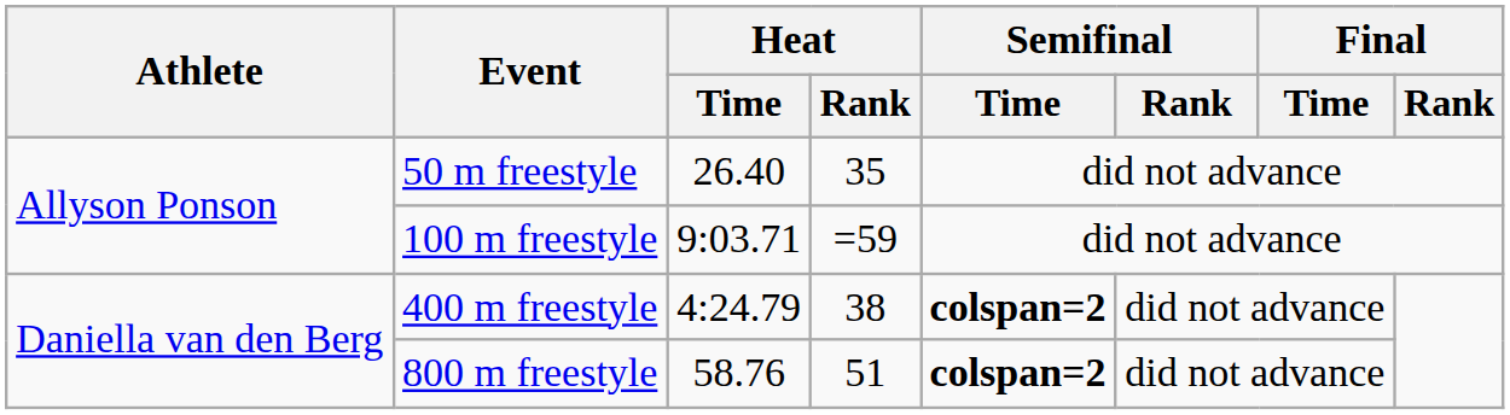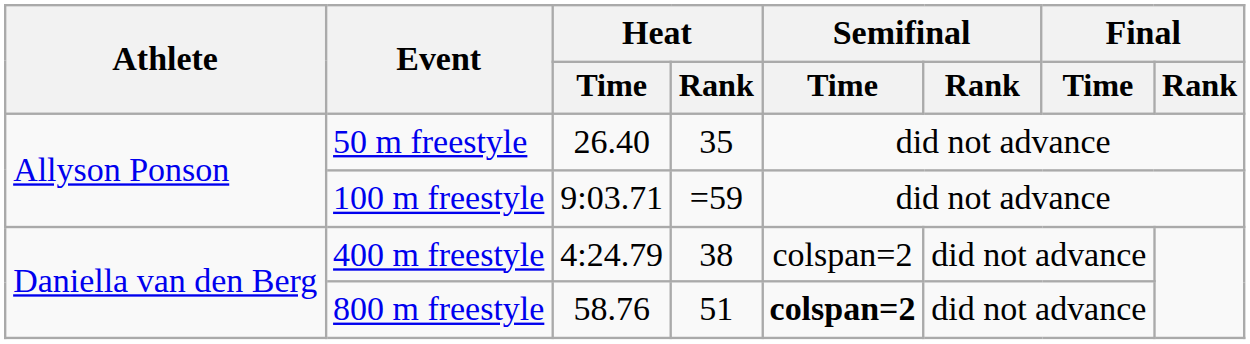 <table class=wikitable style="font-size:90%">
 <tr>
 <th rowspan="2">Athlete</th>
 <th rowspan="2">Event</th>
 <th colspan="2">Heat</th>
 <th colspan="2">Semifinal</th>
 <th colspan="2">Final</th>
 </tr>
 <tr style="font-size:95%">
 <th>Time</th>
 <th>Rank</th>
 <th>Time</th>
 <th>Rank</th>
 <th>Time</th>
 <th>Rank</th>
 </tr>
 <tr align=center>
 <td align=left rowspan=2><a href='#'>Allyson Ponson</a></td>
 <td align=left><a href='#'>50 m freestyle</a></td>
 <td>26.40</td>
 <td>35</td>
 <td colspan=4>did not advance</td>
 </tr>
 <tr align=center>
 <td align=left><a href='#'>100 m freestyle</a></td>
 <td>9:03.71</td>
 <td>=59</td>
 <td colspan=4>did not advance</td>
 </tr>
 <tr align=center>
 <td align=left rowspan=2><a href='#'>Daniella van den Berg</a></td>
 <td align=left><a href='#'>400 m freestyle</a></td>
 <td>4:24.79</td>
 <td>38</td>
-<td><strong>colspan=2 </strong></td>
+<td>colspan=2 </td>
 <td colspan=2>did not advance</td>
 </tr>
 <tr align=center>
 <td align=left><a href='#'>800 m freestyle</a></td>
 <td>58.76</td>
 <td>51</td>
 <td><strong>colspan=2 </strong></td>
 <td colspan=2>did not advance</td>
 </tr>
 </table>
